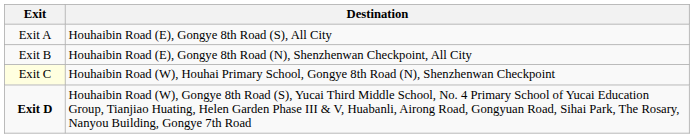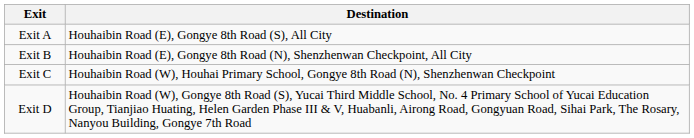 <table class="wikitable">
 <tr>
 <th style="width:70px">Exit</th>
 <th>Destination</th>
 </tr>
 <tr>
 <td style="text-align:center;">Exit A</td>
 <td>Houhaibin Road (E), Gongye 8th Road (S), All City</td>
 </tr>
 <tr>
 <td style="text-align:center;">Exit B</td>
 <td>Houhaibin Road (E), Gongye 8th Road (N), Shenzhenwan Checkpoint, All City</td>
 </tr>
 <tr>
-<td style="background: lightyellow; text-align:center;">Exit C</td>
+<td style="text-align:center;">Exit C</td>
 <td>Houhaibin Road (W), Houhai Primary School, Gongye 8th Road (N), Shenzhenwan Checkpoint</td>
 </tr>
 <tr>
-<td style="text-align:center;"><strong>Exit D</strong></td>
+<td style="text-align:center;">Exit D</td>
 <td>Houhaibin Road (W), Gongye 8th Road (S), Yucai Third Middle School, No. 4 Primary School of Yucai Education Group, Tianjiao Huating, Helen Garden Phase III & V, Huabanli, Airong Road, Gongyuan Road, Sihai Park, The Rosary, Nanyou Building, Gongye 7th Road</td>
 </tr>
 </table>
